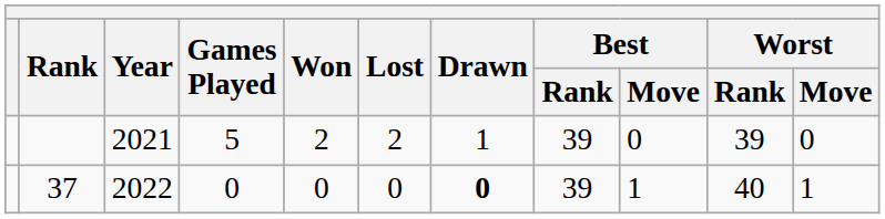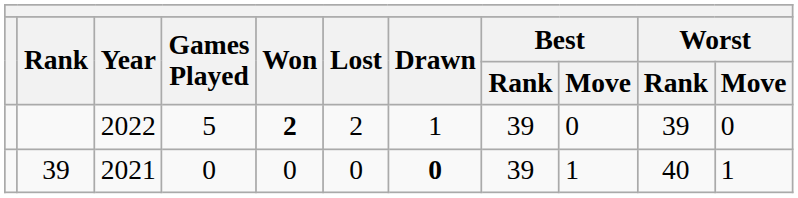 <table class="wikitable sortable" style="text-align:center;">
 <tr>
 <th colspan="12" #013A5E; color: #FFFFFF;><a href='#'></a></th>
 </tr>
 <tr>
 <th rowspan = 2></th>
 <th rowspan = 2>Rank</th>
 <th rowspan = 2>Year</th>
 <th rowspan = 2>Games <br> Played</th>
 <th rowspan = 2>Won</th>
 <th rowspan = 2>Lost</th>
 <th rowspan = 2>Drawn</th>
 <th colspan = 2>Best</th>
 <th colspan = 2>Worst</th>
 </tr>
 <tr>
 <th>Rank</th>
 <th>Move</th>
 <th>Rank</th>
 <th>Move</th>
 </tr>
 <tr>
 <td></td>
 <td></td>
-<td>2021</td>
+<td>2022</td>
 <td>5</td>
-<td>2</td>
+<td><strong>2</strong></td>
 <td>2</td>
 <td>1</td>
 <td>39</td>
 <td align = left> 0</td>
 <td>39</td>
 <td align = left> 0</td>
 </tr>
 <tr>
 <td></td>
-<td>37</td>
-<td>2022</td>
+<td>39</td>
+<td>2021</td>
 <td>0</td>
 <td>0</td>
 <td>0</td>
 <td><strong>0</strong></td>
 <td>39</td>
 <td align = left> 1</td>
 <td>40</td>
 <td align = left> 1</td>
 </tr>
 </table>
